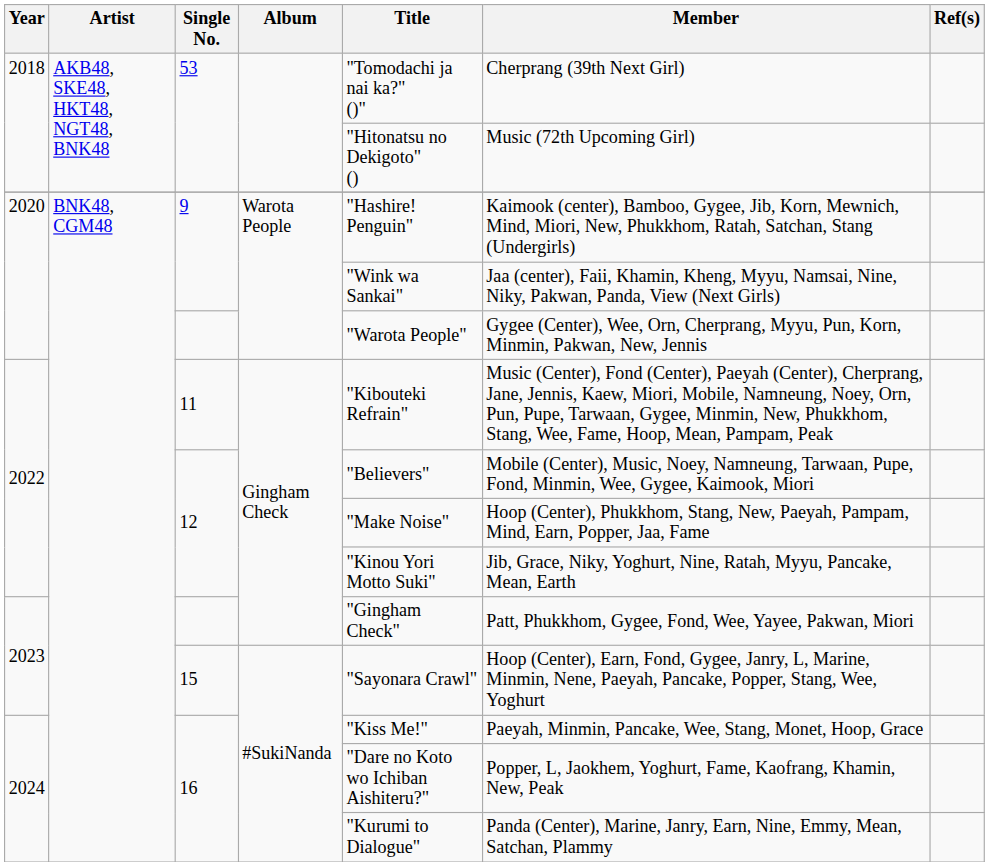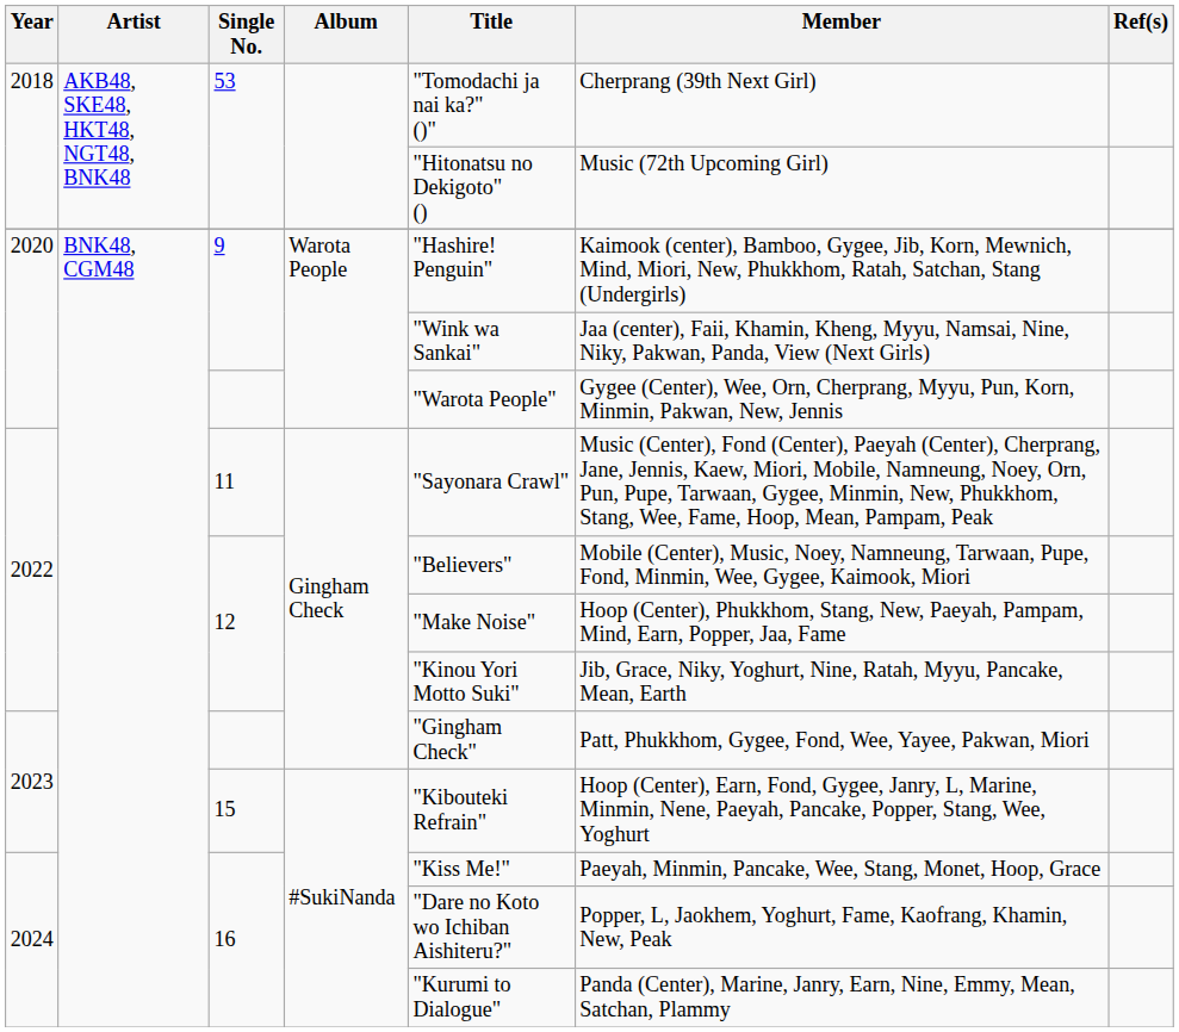 <table class="wikitable" style="text-align:left; ">
 <tr style="vertical-align:top;">
 <th>Year</th>
 <th>Artist</th>
 <th>Single No.</th>
 <th>Album</th>
 <th>Title</th>
 <th>Member</th>
 <th>Ref(s)</th>
 </tr>
 <tr style="vertical-align:top;">
 <td rowspan = 2>2018</td>
 <td rowspan = 2><a href='#'>AKB48</a>, <a href='#'>SKE48</a>, <a href='#'>HKT48</a>, <a href='#'>NGT48</a>, <a href='#'>BNK48</a></td>
 <td rowspan = 2><a href='#'>53</a></td>
 <td rowspan = 2></td>
 <td>"Tomodachi ja nai ka?"<br>()"</td>
 <td>Cherprang (39th Next Girl)</td>
 <td></td>
 </tr>
 <tr style="vertical-align:top;">
 <td>"Hitonatsu no Dekigoto"<br>()</td>
 <td>Music (72th Upcoming Girl)</td>
 <td></td>
 </tr>
 <tr>
 </tr>
 <tr style="vertical-align:top;">
 <td rowspan = 3>2020</td>
 <td rowspan = 12><a href='#'>BNK48</a>, <a href='#'>CGM48</a></td>
 <td rowspan = 2><a href='#'>9</a></td>
 <td rowspan = 3>Warota People</td>
 <td>"Hashire! Penguin"</td>
 <td>Kaimook (center), Bamboo, Gygee, Jib, Korn, Mewnich, Mind, Miori, New, Phukkhom, Ratah, Satchan, Stang (Undergirls)</td>
 <td></td>
 </tr>
 <tr>
 <td>"Wink wa Sankai"</td>
 <td>Jaa (center), Faii, Khamin, Kheng, Myyu, Namsai, Nine, Niky, Pakwan, Panda, View (Next Girls)</td>
 <td></td>
 </tr>
 <tr>
 <td></td>
 <td>"Warota People"</td>
 <td>Gygee (Center), Wee, Orn, Cherprang, Myyu, Pun, Korn, Minmin, Pakwan, New, Jennis</td>
 <td></td>
 </tr>
 <tr>
 <td rowspan = 4>2022</td>
 <td>11</td>
 <td rowspan = 5>Gingham Check</td>
-<td>"Kibouteki Refrain"</td>
+<td>"Sayonara Crawl"</td>
 <td>Music (Center), Fond (Center), Paeyah (Center), Cherprang, Jane, Jennis, Kaew, Miori, Mobile, Namneung, Noey, Orn, Pun, Pupe, Tarwaan, Gygee, Minmin, New, Phukkhom, Stang, Wee, Fame, Hoop, Mean, Pampam, Peak</td>
 <td></td>
 </tr>
 <tr>
 <td rowspan = 3>12</td>
 <td>"Believers"</td>
 <td>Mobile (Center), Music, Noey, Namneung, Tarwaan, Pupe, Fond, Minmin, Wee, Gygee, Kaimook, Miori</td>
 <td></td>
 </tr>
 <tr>
 <td>"Make Noise"</td>
 <td>Hoop (Center), Phukkhom, Stang, New, Paeyah, Pampam, Mind, Earn, Popper, Jaa, Fame</td>
 <td></td>
 </tr>
 <tr>
 <td>"Kinou Yori Motto Suki"</td>
 <td>Jib, Grace, Niky, Yoghurt, Nine, Ratah, Myyu, Pancake, Mean, Earth</td>
 <td></td>
 </tr>
 <tr>
 <td rowspan = 2>2023</td>
 <td></td>
 <td>"Gingham Check"</td>
 <td>Patt, Phukkhom, Gygee, Fond, Wee, Yayee, Pakwan, Miori</td>
 <td></td>
 </tr>
 <tr>
 <td>15</td>
 <td rowspan = 4>#SukiNanda</td>
-<td>"Sayonara Crawl"</td>
+<td>"Kibouteki Refrain"</td>
 <td>Hoop (Center), Earn, Fond, Gygee, Janry, L, Marine, Minmin, Nene, Paeyah, Pancake, Popper, Stang, Wee, Yoghurt</td>
 </tr>
 <tr>
 <td rowspan = 3>2024</td>
 <td rowspan = 3>16</td>
 <td>"Kiss Me!"</td>
 <td>Paeyah, Minmin, Pancake, Wee, Stang, Monet, Hoop, Grace</td>
 <td></td>
 </tr>
 <tr>
 <td>"Dare no Koto wo Ichiban Aishiteru?"</td>
 <td>Popper, L, Jaokhem, Yoghurt, Fame, Kaofrang, Khamin, New, Peak</td>
 <td></td>
 </tr>
 <tr>
 <td>"Kurumi to Dialogue"</td>
 <td>Panda (Center), Marine, Janry, Earn, Nine, Emmy, Mean, Satchan, Plammy</td>
 <td></td>
 </tr>
 <tr>
 </tr>
 </table>
